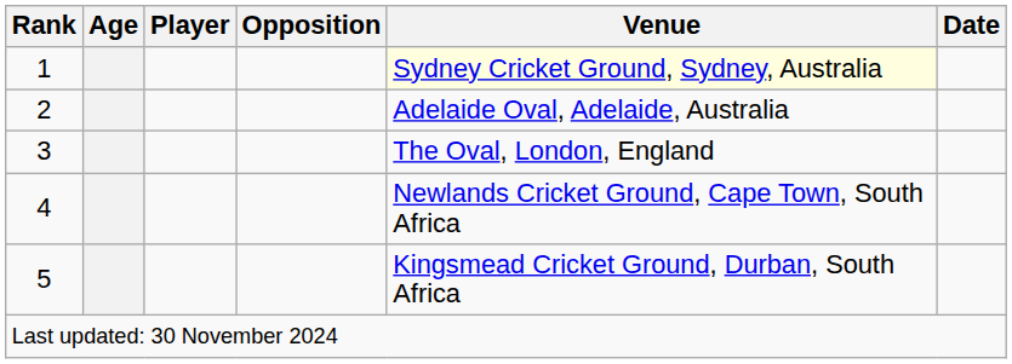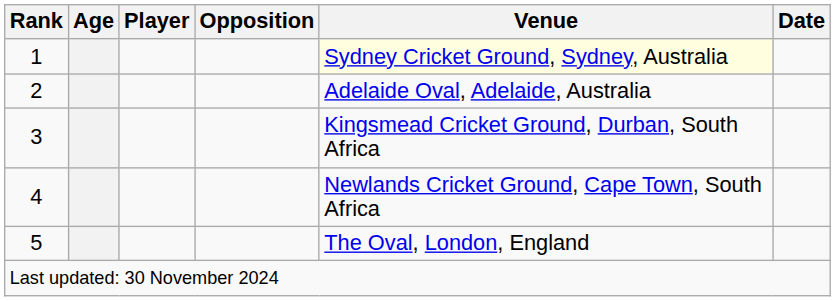 <table class="wikitable plainrowheaders sortable">
 <tr>
 <th scope=col>Rank</th>
 <th scope=col>Age</th>
 <th scope=col>Player</th>
 <th scope=col>Opposition</th>
 <th scope=col>Venue</th>
 <th scope=col>Date</th>
 </tr>
 <tr>
 <td align=center>1</td>
 <th scope=row style=text-align:center;></th>
 <td></td>
 <td></td>
 <td style="background: lightyellow;"><a href='#'>Sydney Cricket Ground</a>, <a href='#'>Sydney</a>, Australia</td>
 <td><a href='#'></a></td>
 </tr>
 <tr>
 <td align=center>2</td>
 <th scope=row style=text-align:center;></th>
 <td></td>
 <td></td>
 <td><a href='#'>Adelaide Oval</a>, <a href='#'>Adelaide</a>, Australia</td>
 <td><a href='#'></a></td>
 </tr>
 <tr>
 <td align=center>3</td>
 <th scope=row style=text-align:center;></th>
 <td></td>
 <td></td>
-<td><a href='#'>The Oval</a>, <a href='#'>London</a>, England</td>
+<td><a href='#'>Kingsmead Cricket Ground</a>, <a href='#'>Durban</a>, South Africa</td>
 <td><a href='#'></a></td>
 </tr>
 <tr>
 <td align=center>4</td>
 <th scope=row style=text-align:center;></th>
 <td></td>
 <td></td>
 <td><a href='#'>Newlands Cricket Ground</a>, <a href='#'>Cape Town</a>, South Africa</td>
 <td><a href='#'></a></td>
 </tr>
 <tr>
 <td align=center>5</td>
 <th scope=row style=text-align:center;></th>
 <td></td>
 <td></td>
-<td><a href='#'>Kingsmead Cricket Ground</a>, <a href='#'>Durban</a>, South Africa</td>
+<td><a href='#'>The Oval</a>, <a href='#'>London</a>, England</td>
 <td><a href='#'></a></td>
 </tr>
 <tr class=sortbottom>
 <td colspan=7><small>Last updated: 30 November 2024</small></td>
 </tr>
 </table>
